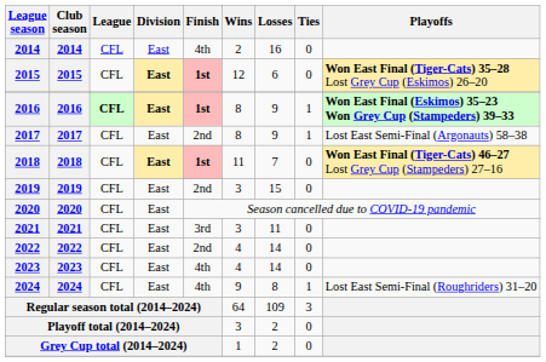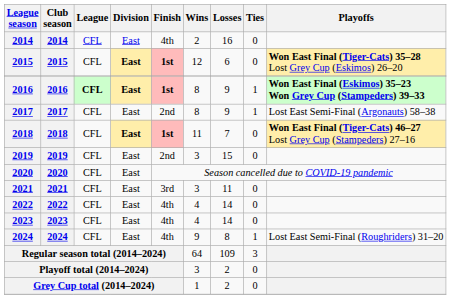 <table class="wikitable" style="text-align:center">
 <tr>
 <th><a href='#'>League<br>season</a></th>
 <th>Club<br>season</th>
 <th>League</th>
 <th>Division</th>
 <th>Finish</th>
 <th>Wins</th>
 <th>Losses</th>
 <th>Ties</th>
 <th>Playoffs</th>
 </tr>
 <tr>
 <th><a href='#'>2014</a></th>
 <th><a href='#'>2014</a></th>
 <td><a href='#'>CFL</a></td>
 <td><a href='#'>East</a></td>
 <td>4th</td>
 <td>2</td>
 <td>16</td>
 <td>0</td>
 <td align="left"></td>
 </tr>
 <tr>
 <th><a href='#'>2015</a></th>
 <th><a href='#'>2015</a></th>
 <td>CFL</td>
 <td bgcolor="#ffeeaa"><strong>East</strong></td>
 <td bgcolor="#ffbbbb"><strong>1st</strong></td>
 <td>12</td>
 <td>6</td>
 <td>0</td>
 <td align="left" style="background: #FFEEAA"><strong>Won East Final (<a href='#'>Tiger-Cats</a>) 35–28</strong><br>Lost <a href='#'>Grey Cup</a> (<a href='#'>Eskimos</a>) 26–20</td>
 </tr>
 <tr>
 </tr>
 <tr>
 <th><a href='#'>2016</a></th>
 <th><a href='#'>2016</a></th>
 <td bgcolor="#ccffcc"><strong>CFL</strong></td>
 <td bgcolor="#ffeeaa"><strong>East</strong></td>
 <td bgcolor="#ffbbbb"><strong>1st</strong></td>
 <td>8</td>
 <td>9</td>
 <td>1</td>
 <td align="left" style="background: #CCFFCC"><strong>Won East Final (<a href='#'>Eskimos</a>) 35–23</strong><br><strong>Won <a href='#'>Grey Cup</a> (<a href='#'>Stampeders</a>) 39–33</strong></td>
 </tr>
 <tr>
 <th><a href='#'>2017</a></th>
 <th><a href='#'>2017</a></th>
 <td>CFL</td>
 <td>East</td>
 <td>2nd</td>
 <td>8</td>
 <td>9</td>
 <td>1</td>
 <td align="left">Lost East Semi-Final (<a href='#'>Argonauts</a>) 58–38</td>
 </tr>
 <tr>
 <th><a href='#'>2018</a></th>
 <th><a href='#'>2018</a></th>
 <td>CFL</td>
 <td bgcolor="#ffeeaa"><strong>East</strong></td>
 <td bgcolor="#ffbbbb"><strong>1st</strong></td>
 <td>11</td>
 <td>7</td>
 <td>0</td>
 <td align="left" style="background: #FFEEAA"><strong>Won East Final (<a href='#'>Tiger-Cats</a>) 46–27</strong><br>Lost <a href='#'>Grey Cup</a> (<a href='#'>Stampeders</a>) 27–16</td>
 </tr>
 <tr>
 <th><a href='#'>2019</a></th>
 <th><a href='#'>2019</a></th>
 <td>CFL</td>
 <td>East</td>
 <td>2nd</td>
 <td>3</td>
 <td>15</td>
 <td>0</td>
 <td align="left"></td>
 </tr>
 <tr>
 <th><a href='#'>2020</a></th>
 <th><a href='#'>2020</a></th>
 <td>CFL</td>
 <td>East</td>
 <td colspan="10"><em>Season cancelled due to <a href='#'>COVID-19 pandemic</a></em></td>
 </tr>
 <tr>
 <th><a href='#'>2021</a></th>
 <th><a href='#'>2021</a></th>
 <td>CFL</td>
 <td>East</td>
 <td>3rd</td>
 <td>3</td>
 <td>11</td>
 <td>0</td>
 <td></td>
 </tr>
 <tr>
 <th><a href='#'>2022</a></th>
 <th><a href='#'>2022</a></th>
 <td>CFL</td>
 <td>East</td>
-<td>2nd</td>
+<td>4th</td>
 <td>4</td>
 <td>14</td>
 <td>0</td>
 <td></td>
 </tr>
 <tr>
 <th><a href='#'>2023</a></th>
 <th><a href='#'>2023</a></th>
 <td>CFL</td>
 <td>East</td>
 <td>4th</td>
 <td>4</td>
 <td>14</td>
 <td>0</td>
 <td></td>
 </tr>
 <tr>
 <th><a href='#'>2024</a></th>
 <th><a href='#'>2024</a></th>
 <td>CFL</td>
 <td>East</td>
 <td>4th</td>
 <td>9</td>
 <td>8</td>
 <td>1</td>
 <td align="left">Lost East Semi-Final (<a href='#'>Roughriders</a>) 31–20</td>
 </tr>
 <tr>
 <th colspan="5">Regular season total (2014–2024)</th>
 <td>64</td>
 <td>109</td>
 <td>3</td>
 <th></th>
 </tr>
 <tr>
 <th colspan="5">Playoff total (2014–2024)</th>
 <td>3</td>
 <td>2</td>
 <td>0</td>
 <th></th>
 </tr>
 <tr>
 <th colspan="5"><a href='#'>Grey Cup total</a> (2014–2024)</th>
 <td>1</td>
 <td>2</td>
 <td>0</td>
 <th></th>
 </tr>
 <tr>
 </tr>
 </table>
